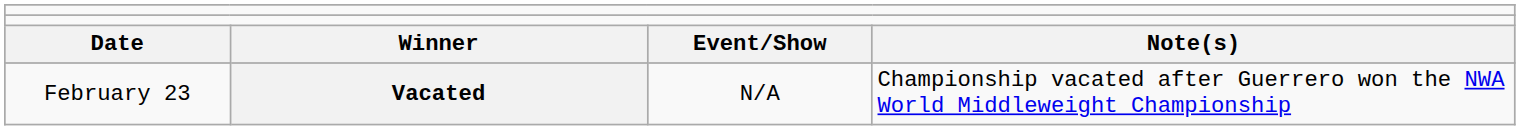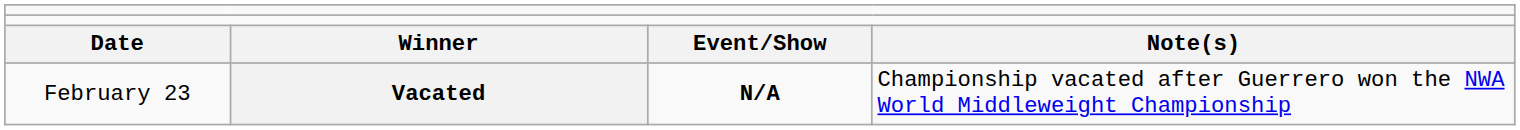 <table class="wikitable" style="text-align:center; width:100%;">
 <tr>
 <td colspan=5></td>
 </tr>
 <tr>
 <td colspan=5><strong></strong></td>
 </tr>
 <tr>
 <th width=14%>Date</th>
 <th width=26%>Winner</th>
 <th width=14%>Event/Show</th>
 <th width=40%>Note(s)</th>
 </tr>
 <tr>
 <td>February 23</td>
 <th>Vacated</th>
-<td>N/A</td>
+<td><strong>N/A</strong></td>
 <td align=left>Championship vacated after Guerrero won the <a href='#'>NWA World Middleweight Championship</a></td>
 </tr>
 </table>
